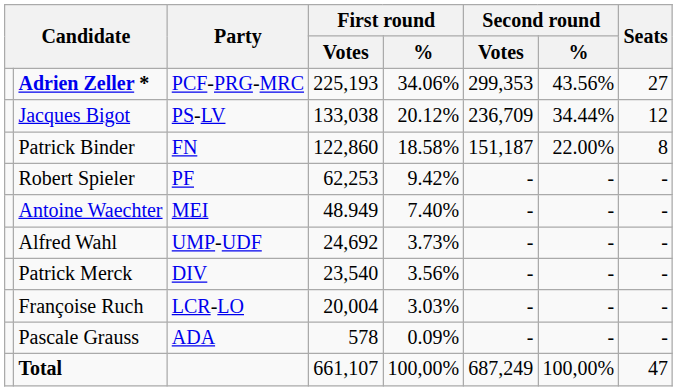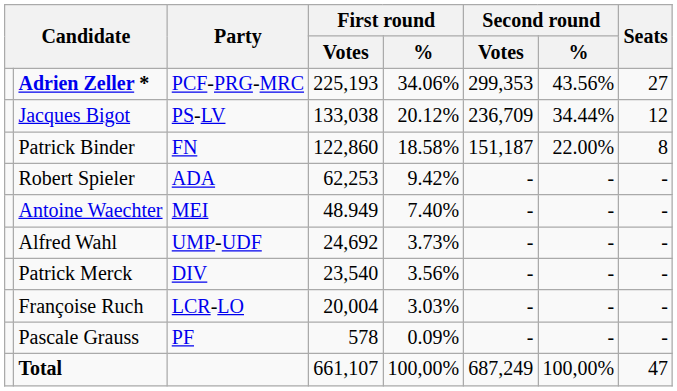 <table class="wikitable" style="text-align:right">
 <tr>
 <th colspan=2 rowspan=2>Candidate</th>
 <th rowspan=2>Party</th>
 <th colspan=2>First round</th>
 <th colspan=2>Second round</th>
 <th rowspan=2>Seats</th>
 </tr>
 <tr>
 <th>Votes</th>
 <th>%</th>
 <th>Votes</th>
 <th>%</th>
 </tr>
 <tr>
 <td style="background:"></td>
 <td align=left><strong><a href='#'>Adrien Zeller</a> *</strong></td>
 <td align=left><a href='#'>PCF</a>-<a href='#'>PRG</a>-<a href='#'>MRC</a></td>
 <td>225,193</td>
 <td>34.06%</td>
 <td>299,353</td>
 <td>43.56%</td>
 <td>27</td>
 </tr>
 <tr>
 <td style="background:"></td>
 <td align=left><a href='#'>Jacques Bigot</a></td>
 <td align=left><a href='#'>PS</a>-<a href='#'>LV</a></td>
 <td>133,038</td>
 <td>20.12%</td>
 <td>236,709</td>
 <td>34.44%</td>
 <td>12</td>
 </tr>
 <tr>
 <td style="background:"></td>
 <td align=left>Patrick Binder</td>
 <td align=left><a href='#'>FN</a></td>
 <td>122,860</td>
 <td>18.58%</td>
 <td>151,187</td>
 <td>22.00%</td>
 <td>8</td>
 </tr>
 <tr>
 <td style="background:"></td>
 <td align=left>Robert Spieler</td>
-<td align=left><a href='#'>PF</a></td>
+<td align=left><a href='#'>ADA</a></td>
 <td>62,253</td>
 <td>9.42%</td>
 <td>-</td>
 <td>-</td>
 <td>-</td>
 </tr>
 <tr>
 <td style="background:"></td>
 <td align=left><a href='#'>Antoine Waechter</a></td>
 <td align=left><a href='#'>MEI</a></td>
 <td>48.949</td>
 <td>7.40%</td>
 <td>-</td>
 <td>-</td>
 <td>-</td>
 </tr>
 <tr>
 <td style="background:"></td>
 <td align=left>Alfred Wahl</td>
 <td align=left><a href='#'>UMP</a>-<a href='#'>UDF</a></td>
 <td>24,692</td>
 <td>3.73%</td>
 <td>-</td>
 <td>-</td>
 <td>-</td>
 </tr>
 <tr>
 <td style="background:"></td>
 <td align=left>Patrick Merck</td>
 <td align=left><a href='#'>DIV</a></td>
 <td>23,540</td>
 <td>3.56%</td>
 <td>-</td>
 <td>-</td>
 <td>-</td>
 </tr>
 <tr>
 <td style="background:"></td>
 <td align=left>Françoise Ruch</td>
 <td align=left><a href='#'>LCR</a>-<a href='#'>LO</a></td>
 <td>20,004</td>
 <td>3.03%</td>
 <td>-</td>
 <td>-</td>
 <td>-</td>
 </tr>
 <tr>
 <td style="background:"></td>
 <td align=left>Pascale Grauss</td>
-<td align=left><a href='#'>ADA</a></td>
+<td align=left><a href='#'>PF</a></td>
 <td>578</td>
 <td>0.09%</td>
 <td>-</td>
 <td>-</td>
 <td>-</td>
 </tr>
 <tr>
 <td></td>
 <td align=left><strong>Total</strong></td>
 <td align=left></td>
 <td>661,107</td>
 <td>100,00%</td>
 <td>687,249</td>
 <td>100,00%</td>
 <td>47</td>
 </tr>
 </table>
